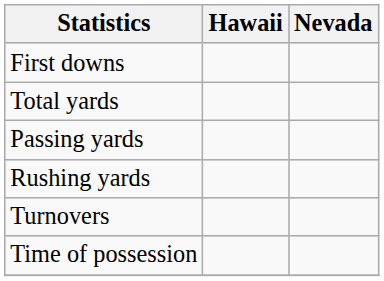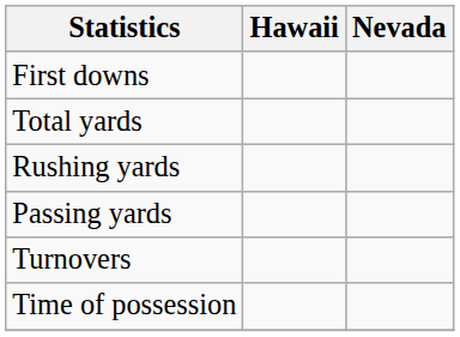 <table class="wikitable">
 <tr>
 <th>Statistics</th>
 <th>Hawaii</th>
 <th>Nevada</th>
 </tr>
 <tr>
 <td>First downs</td>
 <td></td>
 <td></td>
 </tr>
 <tr>
 <td>Total yards</td>
 <td></td>
 <td></td>
 </tr>
 <tr>
-<td>Passing yards</td>
+<td>Rushing yards</td>
 <td></td>
 <td></td>
 </tr>
 <tr>
-<td>Rushing yards</td>
+<td>Passing yards</td>
 <td></td>
 <td></td>
 </tr>
 <tr>
 <td>Turnovers</td>
 <td></td>
 <td></td>
 </tr>
 <tr>
 <td>Time of possession</td>
 <td></td>
 <td></td>
 </tr>
 <tr>
 </tr>
 </table>
